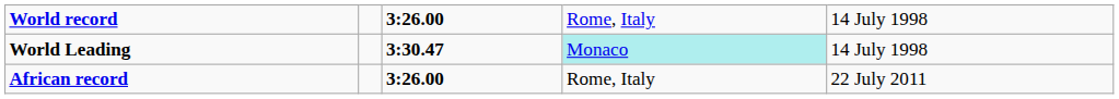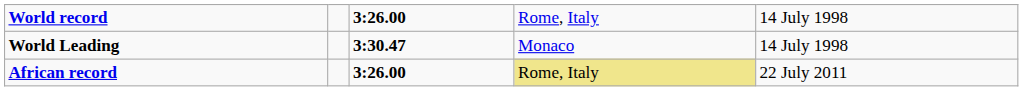 <table class="wikitable" width=75%>
 <tr>
 <td><strong><a href='#'>World record</a></strong></td>
 <td></td>
 <td><strong>3:26.00</strong></td>
 <td><a href='#'>Rome</a>, <a href='#'>Italy</a></td>
 <td>14 July 1998</td>
 </tr>
 <tr>
 <td><strong>World Leading</strong></td>
 <td></td>
 <td><strong>3:30.47</strong></td>
-<td style="background: paleturquoise;"><a href='#'>Monaco</a></td>
+<td><a href='#'>Monaco</a></td>
 <td>14 July 1998</td>
 </tr>
 <tr>
 <td><strong><a href='#'>African record</a></strong></td>
 <td></td>
 <td><strong>3:26.00</strong></td>
-<td>Rome, Italy</td>
+<td style="background: khaki;">Rome, Italy</td>
 <td>22 July 2011</td>
 </tr>
 </table>
